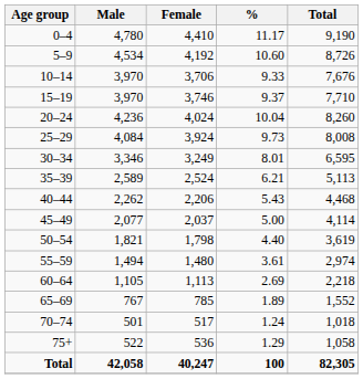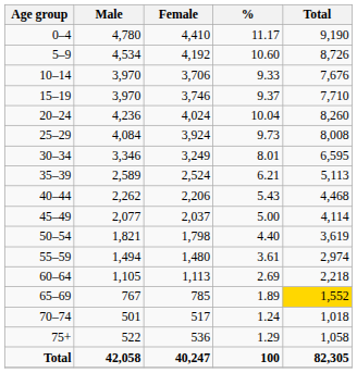 <table class="wikitable">
 <tr>
 <th width="80pt">Age group</th>
 <th width="80pt">Male</th>
 <th width="80pt">Female</th>
 <th width="80pt">%</th>
 <th width="80pt">Total</th>
 </tr>
 <tr>
 <td align="right">0–4</td>
 <td align="right">4,780</td>
 <td align="right">4,410</td>
 <td align="right">11.17</td>
 <td align="right">9,190</td>
 </tr>
 <tr>
 <td align="right">5–9</td>
 <td align="right">4,534</td>
 <td align="right">4,192</td>
 <td align="right">10.60</td>
 <td align="right">8,726</td>
 </tr>
 <tr>
 <td align="right">10–14</td>
 <td align="right">3,970</td>
 <td align="right">3,706</td>
 <td align="right">9.33</td>
 <td align="right">7,676</td>
 </tr>
 <tr>
 <td align="right">15–19</td>
 <td align="right">3,970</td>
 <td align="right">3,746</td>
 <td align="right">9.37</td>
 <td align="right">7,710</td>
 </tr>
 <tr>
 <td align="right">20–24</td>
 <td align="right">4,236</td>
 <td align="right">4,024</td>
 <td align="right">10.04</td>
 <td align="right">8,260</td>
 </tr>
 <tr>
 <td align="right">25–29</td>
 <td align="right">4,084</td>
 <td align="right">3,924</td>
 <td align="right">9.73</td>
 <td align="right">8,008</td>
 </tr>
 <tr>
 <td align="right">30–34</td>
 <td align="right">3,346</td>
 <td align="right">3,249</td>
 <td align="right">8.01</td>
 <td align="right">6,595</td>
 </tr>
 <tr>
 <td align="right">35–39</td>
 <td align="right">2,589</td>
 <td align="right">2,524</td>
 <td align="right">6.21</td>
 <td align="right">5,113</td>
 </tr>
 <tr>
 <td align="right">40–44</td>
 <td align="right">2,262</td>
 <td align="right">2,206</td>
 <td align="right">5.43</td>
 <td align="right">4,468</td>
 </tr>
 <tr>
 <td align="right">45–49</td>
 <td align="right">2,077</td>
 <td align="right">2,037</td>
 <td align="right">5.00</td>
 <td align="right">4,114</td>
 </tr>
 <tr>
 <td align="right">50–54</td>
 <td align="right">1,821</td>
 <td align="right">1,798</td>
 <td align="right">4.40</td>
 <td align="right">3,619</td>
 </tr>
 <tr>
 <td align="right">55–59</td>
 <td align="right">1,494</td>
 <td align="right">1,480</td>
 <td align="right">3.61</td>
 <td align="right">2,974</td>
 </tr>
 <tr>
 <td align="right">60–64</td>
 <td align="right">1,105</td>
 <td align="right">1,113</td>
 <td align="right">2.69</td>
 <td align="right">2,218</td>
 </tr>
 <tr>
 <td align="right">65–69</td>
 <td align="right">767</td>
 <td align="right">785</td>
 <td align="right">1.89</td>
-<td align="right">1,552</td>
+<td align="right" style="background: gold;">1,552</td>
 </tr>
 <tr>
 <td align="right">70–74</td>
 <td align="right">501</td>
 <td align="right">517</td>
 <td align="right">1.24</td>
 <td align="right">1,018</td>
 </tr>
 <tr>
 <td align="right">75+</td>
 <td align="right">522</td>
 <td align="right">536</td>
 <td align="right">1.29</td>
 <td align="right">1,058</td>
 </tr>
 <tr>
 <td align="right"><strong>Total</strong></td>
 <td align="right"><strong>42,058</strong></td>
 <td align="right"><strong>40,247</strong></td>
 <td align="right"><strong>100</strong></td>
 <td align="right"><strong>82,305</strong></td>
 </tr>
 <tr>
 </tr>
 </table>
